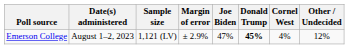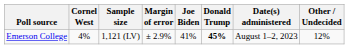 <table class="wikitable sortable mw-datatable" style="font-size:90%;text-align:center;line-height:17px">
 <tr style="vertical-align:bottom">
 <th>Poll source</th>
-<th>Date(s)<br>administered</th>
+<th class="unsortable">Cornel<br>West<br></th>
 <th>Sample<br>size</th>
 <th>Margin<br>of error</th>
 <th class="unsortable">Joe<br>Biden<br></th>
 <th class="unsortable">Donald<br>Trump<br></th>
-<th class="unsortable">Cornel<br>West<br></th>
+<th>Date(s)<br>administered</th>
 <th class="unsortable">Other /<br>Undecided</th>
 </tr>
 <tr>
 <td style="text-align:left;"><a href='#'>Emerson College</a></td>
-<td>August 1–2, 2023</td>
+<td>4%</td>
 <td>1,121 (LV)</td>
 <td>± 2.9%</td>
-<td>47%</td>
+<td>41%</td>
 <td style="background-color:"><strong>45%</strong></td>
-<td>4%</td>
+<td>August 1–2, 2023</td>
 <td>12%</td>
 </tr>
 </table>
